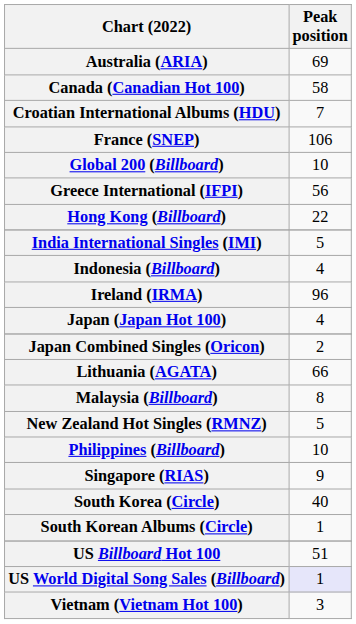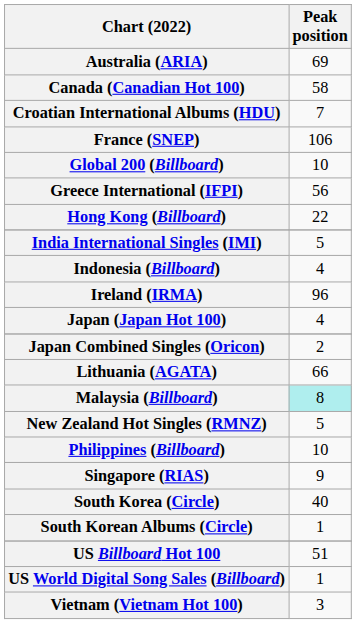 <table class="wikitable sortable plainrowheaders" style="text-align:center;">
 <tr>
 <th scope="col">Chart (2022)</th>
 <th scope="col">Peak<br>position</th>
 </tr>
 <tr>
 <th scope="row">Australia (<a href='#'>ARIA</a>)</th>
 <td>69</td>
 </tr>
 <tr>
 <th scope="row">Canada (<a href='#'>Canadian Hot 100</a>)</th>
 <td>58</td>
 </tr>
 <tr>
 <th scope="row">Croatian International Albums (<a href='#'>HDU</a>)</th>
 <td>7</td>
 </tr>
 <tr>
 <th scope="row">France (<a href='#'>SNEP</a>)</th>
 <td>106</td>
 </tr>
 <tr>
 <th scope="row"><a href='#'>Global 200</a> (<em><a href='#'>Billboard</a></em>)</th>
 <td>10</td>
 </tr>
 <tr>
 <th scope="row">Greece International (<a href='#'>IFPI</a>)</th>
 <td>56</td>
 </tr>
 <tr>
 <th scope="row"><a href='#'>Hong Kong</a> (<em><a href='#'>Billboard</a></em>)</th>
 <td>22</td>
 </tr>
 <tr>
 </tr>
 <tr>
 <th scope="row"><a href='#'>India International Singles</a> (<a href='#'>IMI</a>)</th>
 <td>5</td>
 </tr>
 <tr>
 <th scope="row">Indonesia (<em><a href='#'>Billboard</a></em>)</th>
 <td>4</td>
 </tr>
 <tr>
 <th scope="row">Ireland (<a href='#'>IRMA</a>)</th>
 <td>96</td>
 </tr>
 <tr>
 <th scope="row">Japan (<a href='#'>Japan Hot 100</a>)</th>
 <td>4</td>
 </tr>
 <tr>
 </tr>
 <tr>
 <th scope="row">Japan Combined Singles (<a href='#'>Oricon</a>)</th>
 <td>2</td>
 </tr>
 <tr>
 <th scope="row">Lithuania (<a href='#'>AGATA</a>)</th>
 <td>66</td>
 </tr>
 <tr>
 <th scope="row">Malaysia (<em><a href='#'>Billboard</a></em>)</th>
-<td>8</td>
+<td style="background: paleturquoise;">8</td>
 </tr>
 <tr>
 <th scope="row">New Zealand Hot Singles (<a href='#'>RMNZ</a>)</th>
 <td>5</td>
 </tr>
 <tr>
 <th scope="row"><a href='#'>Philippines</a> (<em><a href='#'>Billboard</a></em>)</th>
 <td>10</td>
 </tr>
 <tr>
 </tr>
 <tr>
 <th scope="row">Singapore (<a href='#'>RIAS</a>)</th>
 <td>9</td>
 </tr>
 <tr>
 <th scope="row">South Korea (<a href='#'>Circle</a>)</th>
 <td>40</td>
 </tr>
 <tr>
 <th scope="row">South Korean Albums (<a href='#'>Circle</a>)</th>
 <td>1</td>
 </tr>
 <tr>
 </tr>
 <tr>
 <th scope="row">US <a href='#'><em>Billboard</em> Hot 100</a></th>
 <td>51</td>
 </tr>
 <tr>
 <th scope="row">US <a href='#'>World Digital Song Sales</a> (<em><a href='#'>Billboard</a></em>)</th>
-<td style="background: lavender;">1</td>
+<td>1</td>
 </tr>
 <tr>
 <th scope="row">Vietnam (<a href='#'>Vietnam Hot 100</a>)</th>
 <td>3</td>
 </tr>
 </table>
